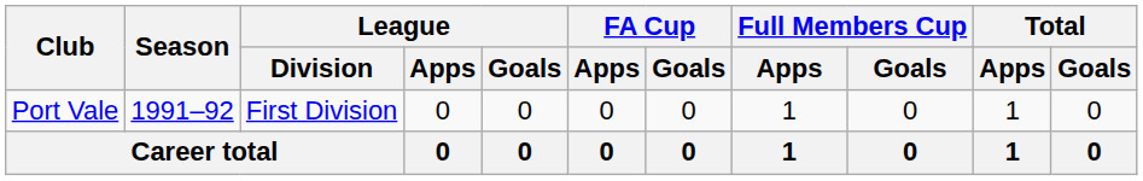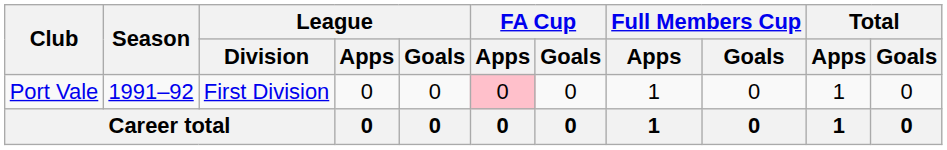 <table class="wikitable" style="text-align:center">
 <tr>
 <th rowspan="2">Club</th>
 <th rowspan="2">Season</th>
 <th colspan="3">League</th>
 <th colspan="2"><a href='#'>FA Cup</a></th>
 <th colspan="2"><a href='#'>Full Members Cup</a></th>
 <th colspan="2">Total</th>
 </tr>
 <tr>
 <th>Division</th>
 <th>Apps</th>
 <th>Goals</th>
 <th>Apps</th>
 <th>Goals</th>
 <th>Apps</th>
 <th>Goals</th>
 <th>Apps</th>
 <th>Goals</th>
 </tr>
 <tr>
 <td><a href='#'>Port Vale</a></td>
 <td><a href='#'>1991–92</a></td>
 <td><a href='#'>First Division</a></td>
 <td>0</td>
 <td>0</td>
-<td>0</td>
+<td style="background: pink;">0</td>
 <td>0</td>
 <td>1</td>
 <td>0</td>
 <td>1</td>
 <td>0</td>
 </tr>
 <tr>
 <th colspan="3">Career total</th>
 <th>0</th>
 <th>0</th>
 <th>0</th>
 <th>0</th>
 <th>1</th>
 <th>0</th>
 <th>1</th>
 <th>0</th>
 </tr>
 </table>
